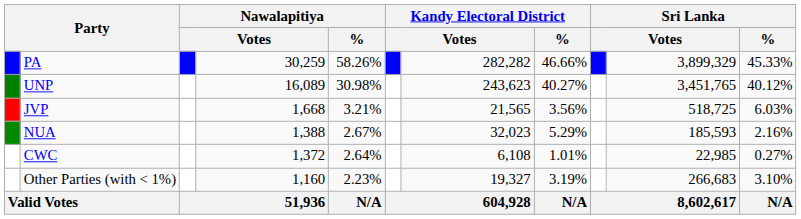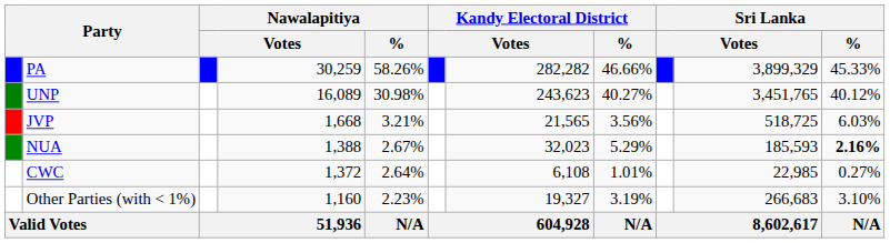 <table class="wikitable">
 <tr>
 <th colspan="2" width="144px"rowspan="2">Party</th>
 <th colspan="3" width="216px">Nawalapitiya</th>
 <th colspan="3" width="216px"><a href='#'>Kandy Electoral District</a></th>
 <th colspan="3" width="216px">Sri Lanka</th>
 </tr>
 <tr>
 <th colspan="2" width="144px">Votes</th>
 <th>%</th>
 <th colspan="2" width="144px">Votes</th>
 <th>%</th>
 <th colspan="2" width="144px">Votes</th>
 <th>%</th>
 </tr>
 <tr>
 <td style="background-color:blue;" width="10px"></td>
 <td style="text-align:left;"><a href='#'>PA</a></td>
 <td style="background-color:blue;" width="10px"></td>
 <td style="text-align:right;">30,259</td>
 <td style="text-align:right;">58.26%</td>
 <td style="background-color:blue;" width="10px"></td>
 <td style="text-align:right;">282,282</td>
 <td style="text-align:right;">46.66%</td>
 <td style="background-color:blue;" width="10px"></td>
 <td style="text-align:right;">3,899,329</td>
 <td style="text-align:right;">45.33%</td>
 </tr>
 <tr>
 <td style="background-color:green;" width="10px"></td>
 <td style="text-align:left;"><a href='#'>UNP</a></td>
 <td style="background-color:white;" width="10px"></td>
 <td style="text-align:right;">16,089</td>
 <td style="text-align:right;">30.98%</td>
 <td style="background-color:white;" width="10px"></td>
 <td style="text-align:right;">243,623</td>
 <td style="text-align:right;">40.27%</td>
 <td style="background-color:white;" width="10px"></td>
 <td style="text-align:right;">3,451,765</td>
 <td style="text-align:right;">40.12%</td>
 </tr>
 <tr>
 <td style="background-color:red;" width="10px"></td>
 <td style="text-align:left;"><a href='#'>JVP</a></td>
 <td style="background-color:white;" width="10px"></td>
 <td style="text-align:right;">1,668</td>
 <td style="text-align:right;">3.21%</td>
 <td style="background-color:white;" width="10px"></td>
 <td style="text-align:right;">21,565</td>
 <td style="text-align:right;">3.56%</td>
 <td style="background-color:white;" width="10px"></td>
 <td style="text-align:right;">518,725</td>
 <td style="text-align:right;">6.03%</td>
 </tr>
 <tr>
 <td style="background-color:#008800;" width="10px"></td>
 <td style="text-align:left;"><a href='#'>NUA</a></td>
 <td style="background-color:white;" width="10px"></td>
 <td style="text-align:right;">1,388</td>
 <td style="text-align:right;">2.67%</td>
 <td style="background-color:white;" width="10px"></td>
 <td style="text-align:right;">32,023</td>
 <td style="text-align:right;">5.29%</td>
 <td style="background-color:white;" width="10px"></td>
 <td style="text-align:right;">185,593</td>
-<td style="text-align:right;">2.16%</td>
+<td style="text-align:right;"><strong>2.16%</strong></td>
 </tr>
 <tr>
 <td style="background-color:white;" width="10px"></td>
 <td style="text-align:left;"><a href='#'>CWC</a></td>
 <td style="background-color:white;" width="10px"></td>
 <td style="text-align:right;">1,372</td>
 <td style="text-align:right;">2.64%</td>
 <td style="background-color:white;" width="10px"></td>
 <td style="text-align:right;">6,108</td>
 <td style="text-align:right;">1.01%</td>
 <td style="background-color:white;" width="10px"></td>
 <td style="text-align:right;">22,985</td>
 <td style="text-align:right;">0.27%</td>
 </tr>
 <tr>
 <td style="background-color:white;" width="10px"></td>
 <td style="text-align:left;">Other Parties (with < 1%)</td>
 <td style="background-color:white;" width="10px"></td>
 <td style="text-align:right;">1,160</td>
 <td style="text-align:right;">2.23%</td>
 <td style="background-color:white;" width="10px"></td>
 <td style="text-align:right;">19,327</td>
 <td style="text-align:right;">3.19%</td>
 <td style="background-color:white;" width="10px"></td>
 <td style="text-align:right;">266,683</td>
 <td style="text-align:right;">3.10%</td>
 </tr>
 <tr>
 <th colspan="2" width="144px"style="text-align:left;">Valid Votes</th>
 <th style="text-align:right;"colspan="2" width="144px">51,936</th>
 <th style="text-align:right;">N/A</th>
 <th style="text-align:right;"colspan="2" width="144px">604,928</th>
 <th style="text-align:right;">N/A</th>
 <th style="text-align:right;"colspan="2" width="144px">8,602,617</th>
 <th style="text-align:right;">N/A</th>
 </tr>
 </table>
